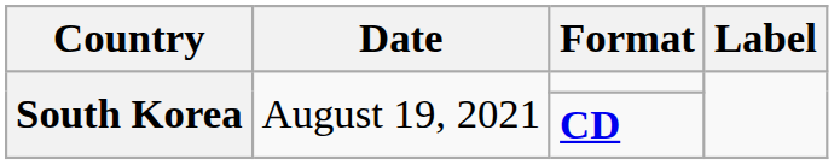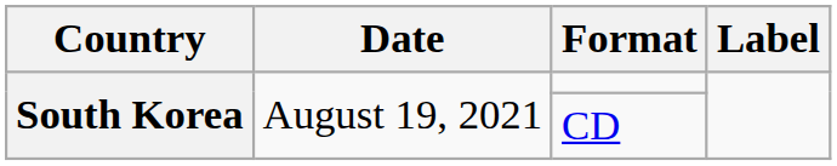 <table class="wikitable plainrowheaders">
 <tr>
 <th scope="col">Country</th>
 <th scope="col">Date</th>
 <th scope="col">Format</th>
 <th scope="col">Label</th>
 </tr>
 <tr>
 <th scope="row" rowspan="2">South Korea</th>
 <td rowspan="2">August 19, 2021</td>
 <td></td>
 <td rowspan="2"></td>
 </tr>
 <tr>
-<td><strong><a href='#'>CD</a></strong></td>
+<td><a href='#'>CD</a></td>
 </tr>
 </table>
